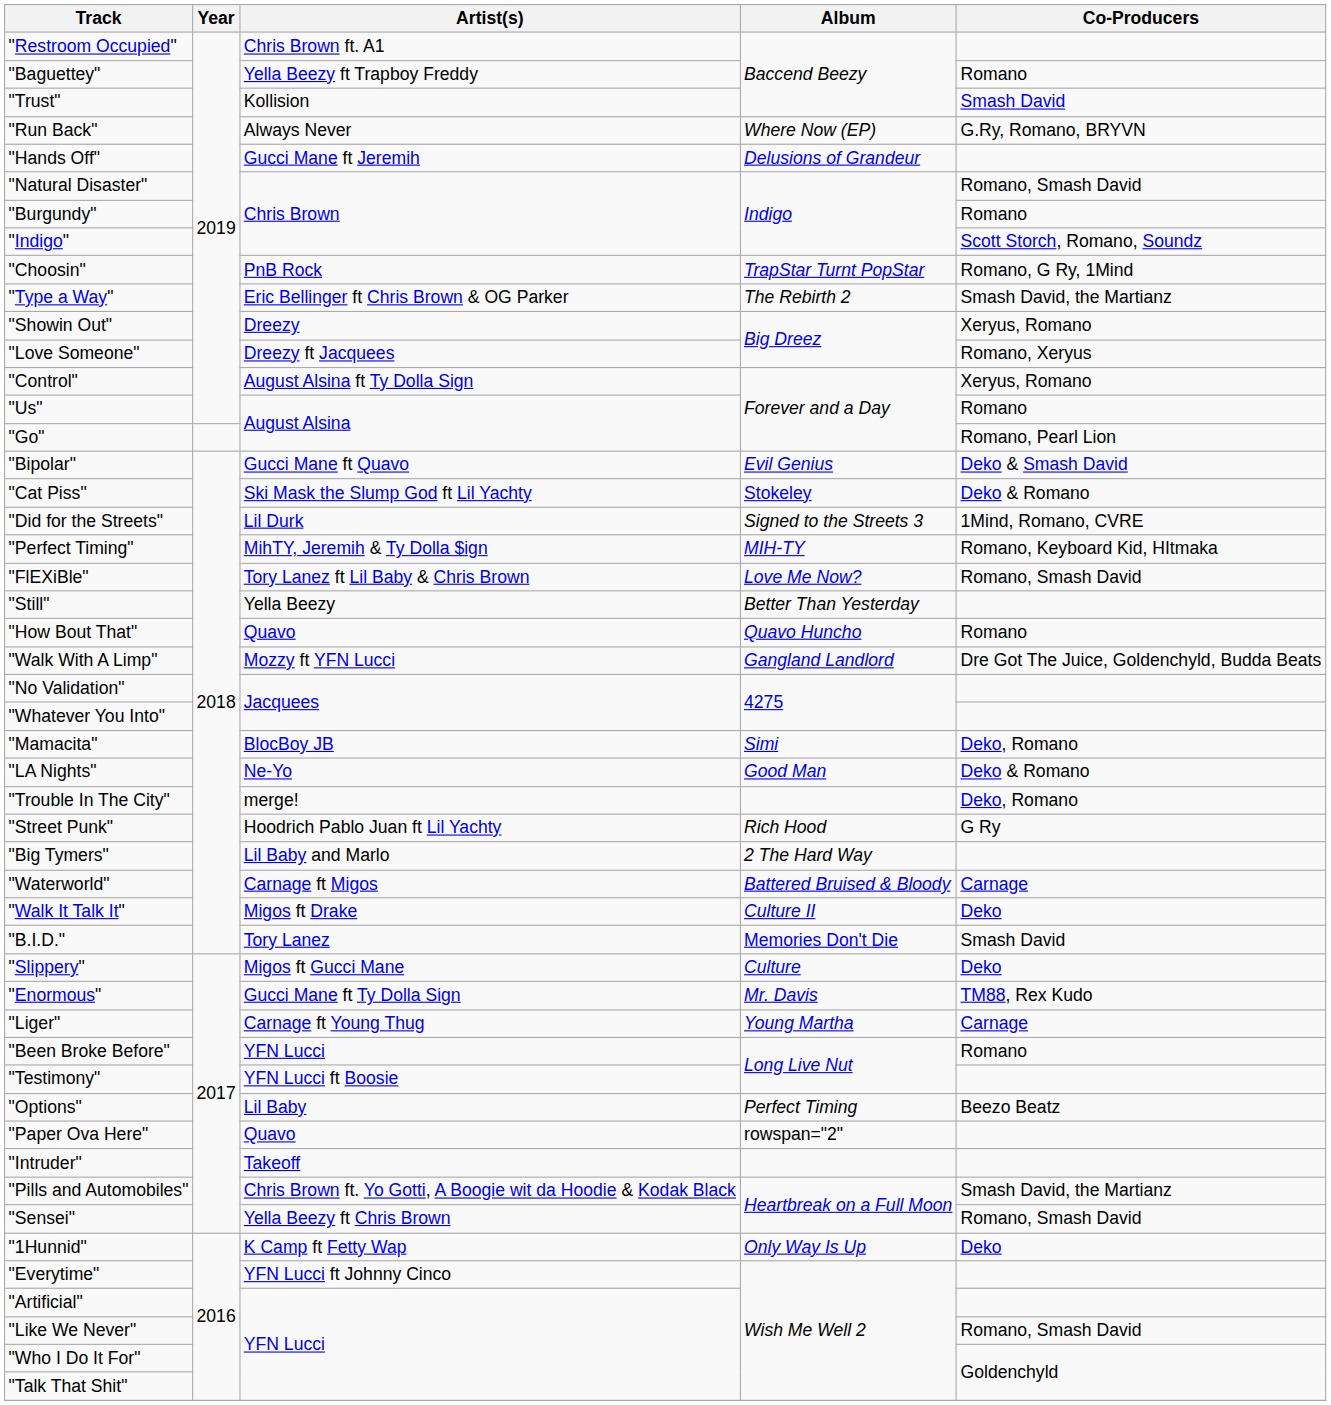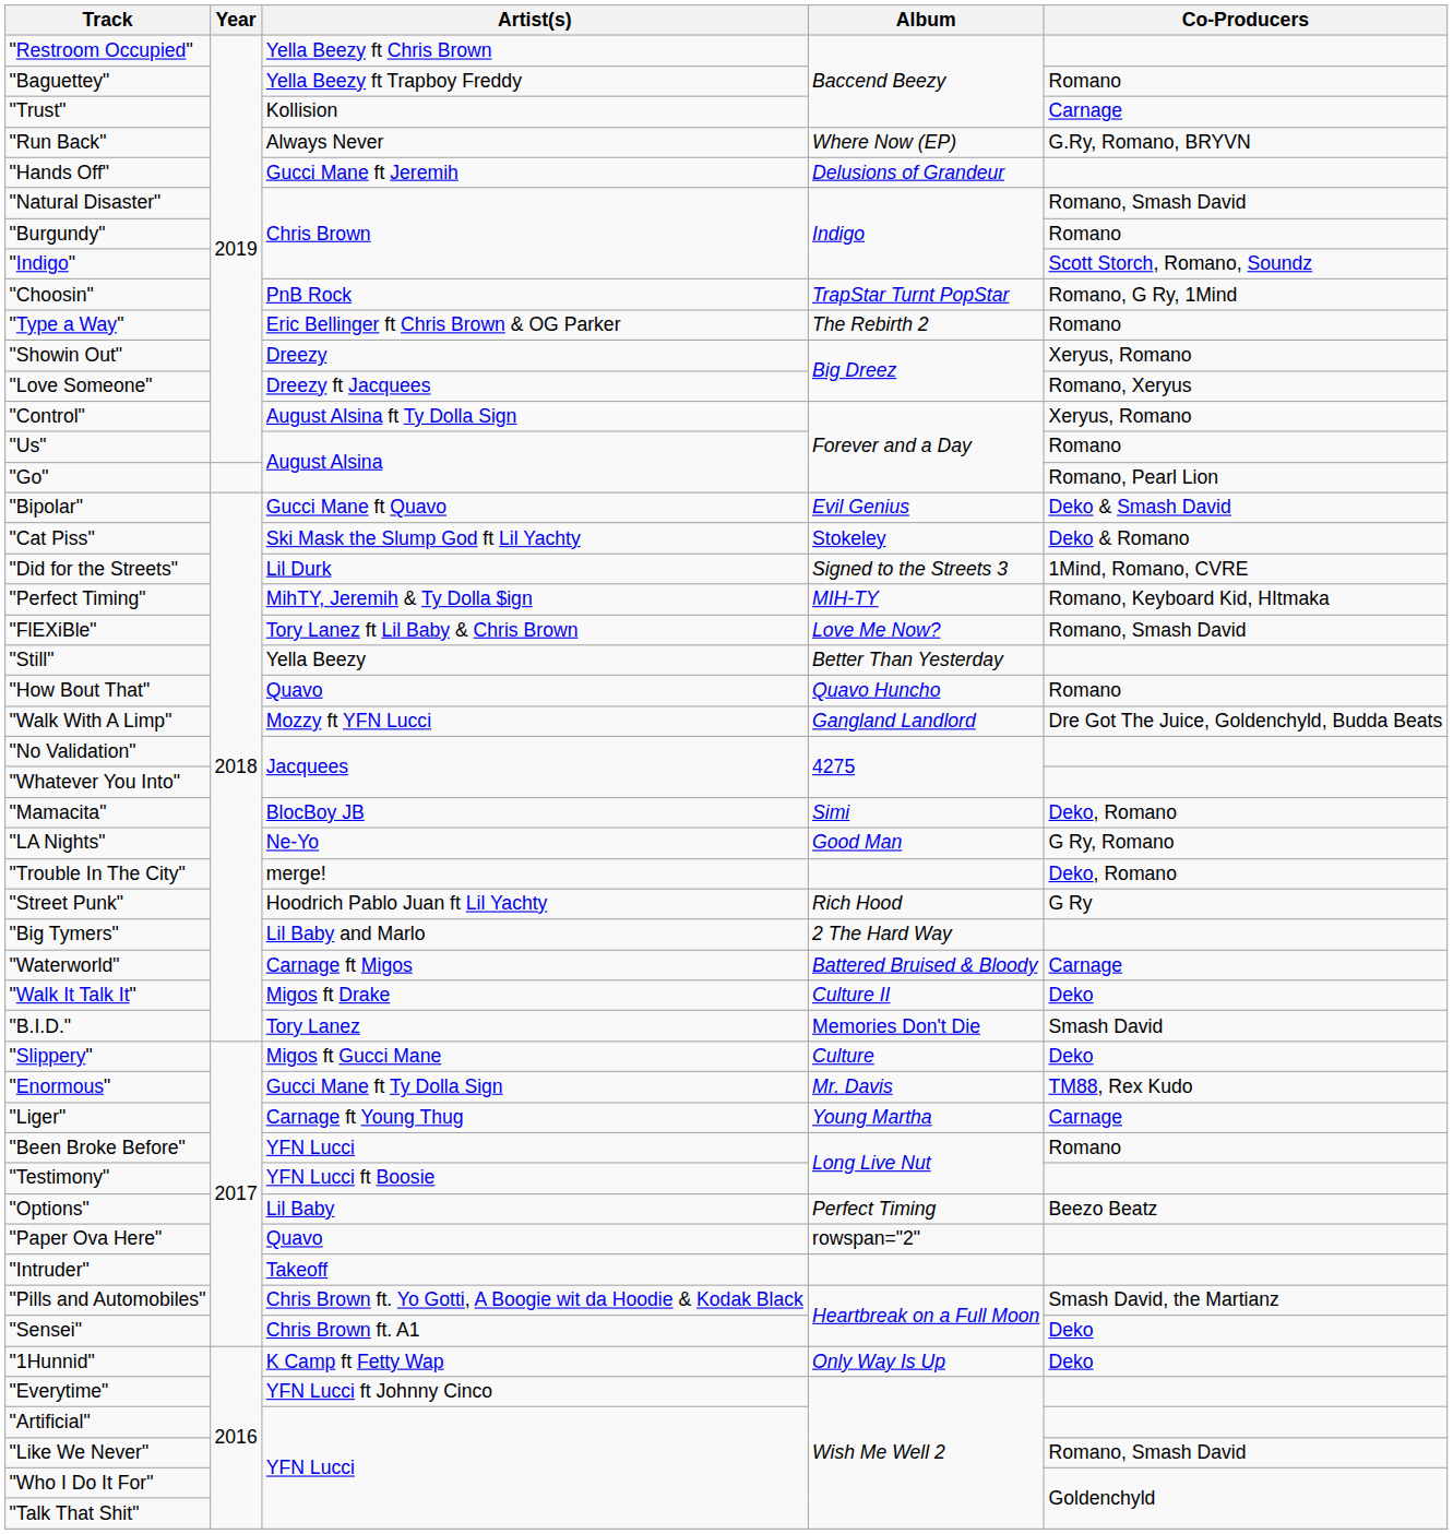 <table class="wikitable sortable">
 <tr>
 <th>Track</th>
 <th>Year</th>
 <th>Artist(s)</th>
 <th>Album</th>
 <th>Co-Producers</th>
 </tr>
 <tr>
 <td>"<a href='#'>Restroom Occupied</a>"</td>
 <td rowspan="14">2019</td>
-<td><a href='#'>Chris Brown</a> ft. A1</td>
+<td><a href='#'>Yella Beezy</a> ft <a href='#'>Chris Brown</a></td>
 <td rowspan="3"><em>Baccend Beezy</em></td>
 <td></td>
 </tr>
 <tr>
 <td>"Baguettey"</td>
 <td><a href='#'>Yella Beezy</a> ft Trapboy Freddy</td>
 <td>Romano</td>
 </tr>
 <tr>
 <td>"Trust"</td>
 <td>Kollision</td>
-<td><a href='#'>Smash David</a></td>
+<td><a href='#'>Carnage</a></td>
 </tr>
 <tr>
 <td>"Run Back"</td>
 <td>Always Never</td>
 <td><em>Where Now (EP)</em></td>
 <td>G.Ry, Romano, BRYVN</td>
 </tr>
 <tr>
 <td>"Hands Off"</td>
 <td><a href='#'>Gucci Mane</a> ft <a href='#'>Jeremih</a></td>
 <td><em><a href='#'>Delusions of Grandeur</a></em></td>
 <td></td>
 </tr>
 <tr>
 <td>"Natural Disaster"</td>
 <td rowspan="3"><a href='#'>Chris Brown</a></td>
 <td rowspan="3"><a href='#'><em>Indigo</em></a></td>
 <td>Romano, Smash David</td>
 </tr>
 <tr>
 <td>"Burgundy"</td>
 <td>Romano</td>
 </tr>
 <tr>
 <td>"<a href='#'>Indigo</a>"</td>
 <td><a href='#'>Scott Storch</a>, Romano, <a href='#'>Soundz</a></td>
 </tr>
 <tr>
 <td>"Choosin"</td>
 <td><a href='#'>PnB Rock</a></td>
 <td><em><a href='#'>TrapStar Turnt PopStar</a></em></td>
 <td>Romano, G Ry, 1Mind</td>
 </tr>
 <tr>
 <td>"<a href='#'>Type a Way</a>"</td>
 <td><a href='#'>Eric Bellinger</a> ft <a href='#'>Chris Brown</a> & OG Parker</td>
 <td><em>The Rebirth 2</em></td>
-<td>Smash David, the Martianz</td>
+<td>Romano</td>
 </tr>
 <tr>
 <td>"Showin Out"</td>
 <td><a href='#'>Dreezy</a></td>
 <td rowspan="2"><em><a href='#'>Big Dreez</a></em></td>
 <td>Xeryus, Romano</td>
 </tr>
 <tr>
 <td>"Love Someone"</td>
 <td><a href='#'>Dreezy</a> ft <a href='#'>Jacquees</a></td>
 <td>Romano, Xeryus</td>
 </tr>
 <tr>
 <td>"Control"</td>
 <td><a href='#'>August Alsina</a> ft <a href='#'>Ty Dolla Sign</a></td>
 <td rowspan="3"><em>Forever and a Day</em></td>
 <td>Xeryus, Romano</td>
 </tr>
 <tr>
 <td>"Us"</td>
 <td rowspan="2"><a href='#'>August Alsina</a></td>
 <td>Romano</td>
 </tr>
 <tr>
 <td>"Go"</td>
 <td></td>
 <td>Romano, Pearl Lion</td>
 </tr>
 <tr>
 <td>"Bipolar"</td>
 <td rowspan="18">2018</td>
 <td><a href='#'>Gucci Mane</a> ft <a href='#'>Quavo</a></td>
 <td><em><a href='#'>Evil Genius</a></em></td>
 <td><a href='#'>Deko</a> & <a href='#'>Smash David</a></td>
 </tr>
 <tr>
 <td>"Cat Piss"</td>
 <td><a href='#'>Ski Mask the Slump God</a> ft <a href='#'>Lil Yachty</a></td>
 <td><a href='#'>Stokeley</a></td>
 <td><a href='#'>Deko</a> & Romano</td>
 </tr>
 <tr>
 <td>"Did for the Streets"</td>
 <td><a href='#'>Lil Durk</a></td>
 <td><em>Signed to the Streets 3</em></td>
 <td>1Mind, Romano, CVRE</td>
 </tr>
 <tr>
 <td>"Perfect Timing"</td>
 <td><a href='#'>MihTY, Jeremih</a> & <a href='#'>Ty Dolla $ign</a></td>
 <td><em><a href='#'>MIH-TY</a></em></td>
 <td>Romano, Keyboard Kid, HItmaka</td>
 </tr>
 <tr>
 <td>"FlEXiBle"</td>
 <td><a href='#'>Tory Lanez</a> ft <a href='#'>Lil Baby</a> & <a href='#'>Chris Brown</a></td>
 <td><em><a href='#'>Love Me Now?</a></em></td>
 <td>Romano, Smash David</td>
 </tr>
 <tr>
 <td>"Still"</td>
 <td>Yella Beezy</td>
 <td><em>Better Than Yesterday</em></td>
 <td></td>
 </tr>
 <tr>
 <td>"How Bout That"</td>
 <td><a href='#'>Quavo</a></td>
 <td><em><a href='#'>Quavo Huncho</a></em></td>
 <td>Romano</td>
 </tr>
 <tr>
 <td>"Walk With A Limp"</td>
 <td><a href='#'>Mozzy</a> ft <a href='#'>YFN Lucci</a></td>
 <td><em><a href='#'>Gangland Landlord</a></em></td>
 <td>Dre Got The Juice, Goldenchyld, Budda Beats</td>
 </tr>
 <tr>
 <td>"No Validation"</td>
 <td rowspan="2"><a href='#'>Jacquees</a></td>
 <td rowspan="2"><a href='#'>4275</a></td>
 <td></td>
 </tr>
 <tr>
 <td>"Whatever You Into"</td>
 <td></td>
 </tr>
 <tr>
 <td>"Mamacita"</td>
 <td><a href='#'>BlocBoy JB</a></td>
 <td><em><a href='#'>Simi</a></em></td>
 <td><a href='#'>Deko</a>, Romano</td>
 </tr>
 <tr>
 <td>"LA Nights"</td>
 <td><a href='#'>Ne-Yo</a></td>
 <td><em><a href='#'>Good Man</a></em></td>
-<td><a href='#'>Deko</a> & Romano</td>
+<td>G Ry, Romano</td>
 </tr>
 <tr>
 <td>"Trouble In The City"</td>
 <td>merge!</td>
 <td></td>
 <td><a href='#'>Deko</a>, Romano</td>
 </tr>
 <tr>
 <td>"Street Punk"</td>
 <td>Hoodrich Pablo Juan ft <a href='#'>Lil Yachty</a></td>
 <td><em>Rich Hood</em></td>
 <td>G Ry</td>
 </tr>
 <tr>
 <td>"Big Tymers"</td>
 <td><a href='#'>Lil Baby</a> and Marlo</td>
 <td><em>2 The Hard Way</em></td>
 <td></td>
 </tr>
 <tr>
 <td>"Waterworld"</td>
 <td><a href='#'>Carnage</a> ft <a href='#'>Migos</a></td>
 <td><em><a href='#'>Battered Bruised & Bloody</a></em></td>
 <td><a href='#'>Carnage</a></td>
 </tr>
 <tr>
 <td>"<a href='#'>Walk It Talk It</a>"</td>
 <td><a href='#'>Migos</a> ft <a href='#'>Drake</a></td>
 <td><em><a href='#'>Culture II</a></em></td>
 <td><a href='#'>Deko</a></td>
 </tr>
 <tr>
 <td>"B.I.D."</td>
 <td><a href='#'>Tory Lanez</a></td>
 <td><a href='#'>Memories Don't Die</a></td>
 <td>Smash David</td>
 </tr>
 <tr>
 <td>"<a href='#'>Slippery</a>"</td>
 <td rowspan="10">2017</td>
 <td><a href='#'>Migos</a> ft <a href='#'>Gucci Mane</a></td>
 <td><em><a href='#'>Culture</a></em></td>
 <td><a href='#'>Deko</a></td>
 </tr>
 <tr>
 <td>"<a href='#'>Enormous</a>"</td>
 <td><a href='#'>Gucci Mane</a> ft <a href='#'>Ty Dolla Sign</a></td>
 <td><em><a href='#'>Mr. Davis</a></em></td>
 <td><a href='#'>TM88</a>, Rex Kudo</td>
 </tr>
 <tr>
 <td>"Liger"</td>
 <td><a href='#'>Carnage</a> ft <a href='#'>Young Thug</a></td>
 <td><em><a href='#'>Young Martha</a></em></td>
 <td><a href='#'>Carnage</a></td>
 </tr>
 <tr>
 <td>"Been Broke Before"</td>
 <td><a href='#'>YFN Lucci</a></td>
 <td rowspan="2"><em><a href='#'>Long Live Nut</a></em></td>
 <td>Romano</td>
 </tr>
 <tr>
 <td>"Testimony"</td>
 <td><a href='#'>YFN Lucci</a> ft <a href='#'>Boosie</a></td>
 <td></td>
 </tr>
 <tr>
 <td>"Options"</td>
 <td><a href='#'>Lil Baby</a></td>
 <td><em>Perfect Timing</em></td>
 <td>Beezo Beatz</td>
 </tr>
 <tr>
 <td>"Paper Ova Here"</td>
 <td><a href='#'>Quavo</a></td>
 <td>rowspan="2" </td>
 <td></td>
 </tr>
 <tr>
 <td>"Intruder"</td>
 <td><a href='#'>Takeoff</a></td>
 <td></td>
 </tr>
 <tr>
 <td>"Pills and Automobiles"</td>
 <td><a href='#'>Chris Brown</a> ft. <a href='#'>Yo Gotti</a>, <a href='#'>A Boogie wit da Hoodie</a> & <a href='#'>Kodak Black</a></td>
 <td rowspan="2"><em><a href='#'>Heartbreak on a Full Moon</a></em></td>
 <td>Smash David, the Martianz</td>
 </tr>
 <tr>
 <td>"Sensei"</td>
-<td><a href='#'>Yella Beezy</a> ft <a href='#'>Chris Brown</a></td>
-<td>Romano, Smash David</td>
+<td><a href='#'>Chris Brown</a> ft. A1</td>
+<td><a href='#'>Deko</a></td>
 </tr>
 <tr>
 <td>"1Hunnid"</td>
 <td rowspan="6">2016</td>
 <td><a href='#'>K Camp</a> ft <a href='#'>Fetty Wap</a></td>
 <td><em><a href='#'>Only Way Is Up</a></em></td>
 <td><a href='#'>Deko</a></td>
 </tr>
 <tr>
 <td>"Everytime"</td>
 <td><a href='#'>YFN Lucci</a> ft Johnny Cinco</td>
 <td rowspan="5"><em>Wish Me Well 2</em></td>
 <td></td>
 </tr>
 <tr>
 <td>"Artificial"</td>
 <td rowspan="4"><a href='#'>YFN Lucci</a></td>
 <td></td>
 </tr>
 <tr>
 <td>"Like We Never"</td>
 <td>Romano, Smash David</td>
 </tr>
 <tr>
 <td>"Who I Do It For"</td>
 <td rowspan="2">Goldenchyld</td>
 </tr>
 <tr>
 <td>"Talk That Shit"</td>
 </tr>
 <tr>
 </tr>
 </table>
